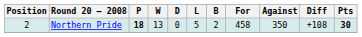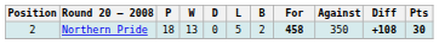 <table class="wikitable" style="text-align:center; font-size:85%;">
 <tr>
 <th width=40 abbr="Position">Position</th>
 <th width=100>Round 20 – 2008</th>
 <th width=20 abbr="Played">P</th>
 <th width=20 abbr="Won">W</th>
 <th width=20 abbr="Drawn">D</th>
 <th width=20 abbr="Lost">L</th>
 <th width=20 abbr="Bye">B</th>
 <th width=40 abbr="Points for">For</th>
 <th width=40 abbr="Points against">Against</th>
 <th width=40 abbr="Points difference">Diff</th>
 <th width=25 abbr="Points">Pts</th>
 </tr>
 <tr style="background: #d7ebed;">
 <td>2</td>
 <td style="text-align:left;"> <a href='#'>Northern Pride</a></td>
-<td><strong>18</strong></td>
+<td>18</td>
 <td>13</td>
 <td>0</td>
 <td>5</td>
 <td>2</td>
-<td>458</td>
+<td><strong>458</strong></td>
 <td>350</td>
-<td>+108</td>
+<td><strong>+108</strong></td>
 <td><strong>30</strong></td>
 </tr>
 <tr>
 </tr>
 </table>
